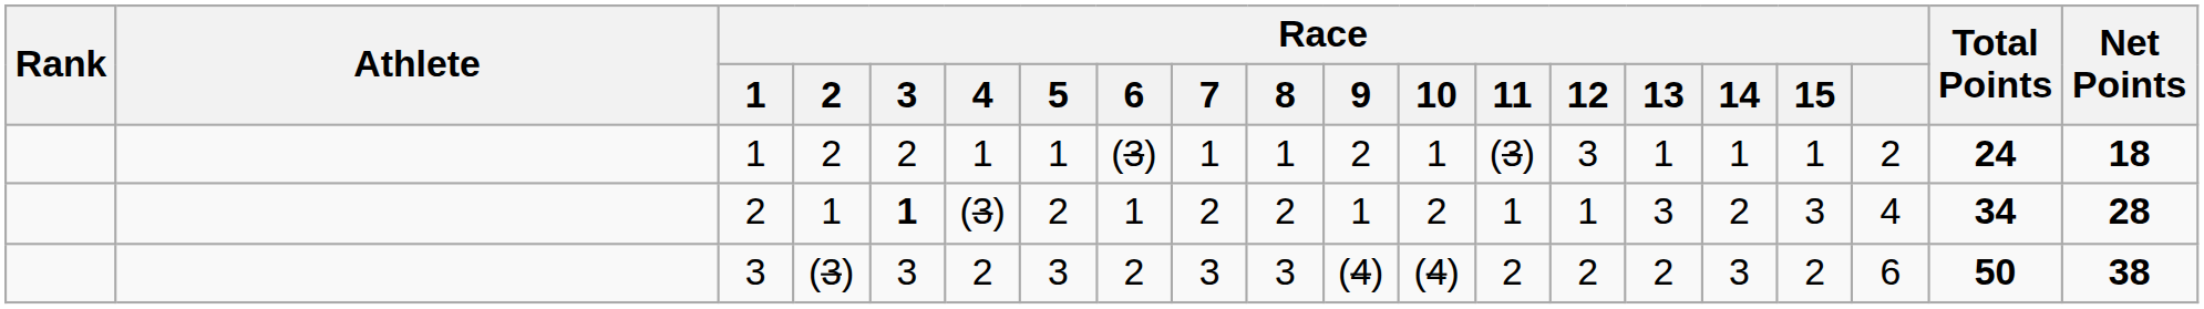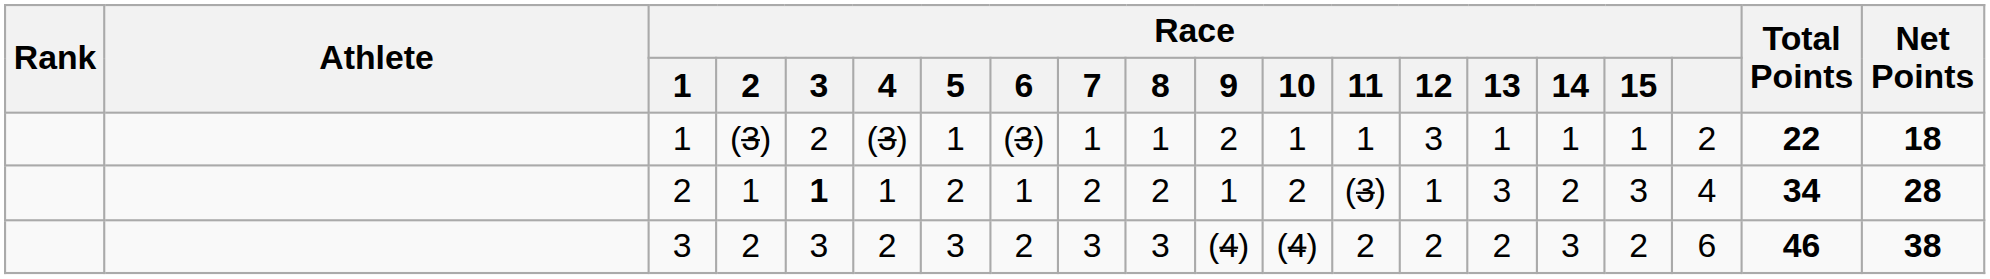 <table | class="wikitable" style="text-align:center">
 <tr>
 <th rowspan="2" width=40>Rank</th>
 <th rowspan="2" width=250>Athlete</th>
 <th colspan="16">Race</th>
 <th rowspan="2" width=50>Total Points</th>
 <th rowspan="2" width=50>Net Points</th>
 </tr>
 <tr>
 <th width=25>1</th>
 <th width=25>2</th>
 <th width=25>3</th>
 <th width=25>4</th>
 <th width=25>5</th>
 <th width=25>6</th>
 <th width=25>7</th>
 <th width=25>8</th>
 <th width=25>9</th>
 <th width=25>10</th>
 <th width=25>11</th>
 <th width=25>12</th>
 <th width=25>13</th>
 <th width=25>14</th>
 <th width=25>15</th>
 <th width=25></th>
 </tr>
 <tr>
 <td></td>
 <td align="left"></td>
 <td>1</td>
+<td>(<s>3</s>)</td>
 <td>2</td>
-<td>2</td>
-<td>1</td>
+<td>(<s>3</s>)</td>
 <td>1</td>
 <td>(<s>3</s>)</td>
 <td>1</td>
 <td>1</td>
 <td>2</td>
 <td>1</td>
-<td>(<s>3</s>)</td>
+<td>1</td>
 <td>3</td>
 <td>1</td>
 <td>1</td>
 <td>1</td>
 <td>2</td>
-<td><strong>24</strong></td>
+<td><strong>22</strong></td>
 <td><strong>18</strong></td>
 </tr>
 <tr>
 <td></td>
 <td align="left"></td>
 <td>2</td>
 <td>1</td>
 <td><strong>1</strong></td>
-<td>(<s>3</s>)</td>
+<td>1</td>
 <td>2</td>
 <td>1</td>
 <td>2</td>
 <td>2</td>
 <td>1</td>
 <td>2</td>
-<td>1</td>
+<td>(<s>3</s>)</td>
 <td>1</td>
 <td>3</td>
 <td>2</td>
 <td>3</td>
 <td>4</td>
 <td><strong>34</strong></td>
 <td><strong>28</strong></td>
 </tr>
 <tr>
 <td></td>
 <td align="left"></td>
 <td>3</td>
-<td>(<s>3</s>)</td>
+<td>2</td>
 <td>3</td>
 <td>2</td>
 <td>3</td>
 <td>2</td>
 <td>3</td>
 <td>3</td>
 <td>(<s>4</s>)<br><s></s></td>
 <td>(<s>4</s>)<br><s></s></td>
 <td>2</td>
 <td>2</td>
 <td>2</td>
 <td>3</td>
 <td>2</td>
 <td>6</td>
-<td><strong>50</strong></td>
+<td><strong>46</strong></td>
 <td><strong>38</strong></td>
 </tr>
 </table>
